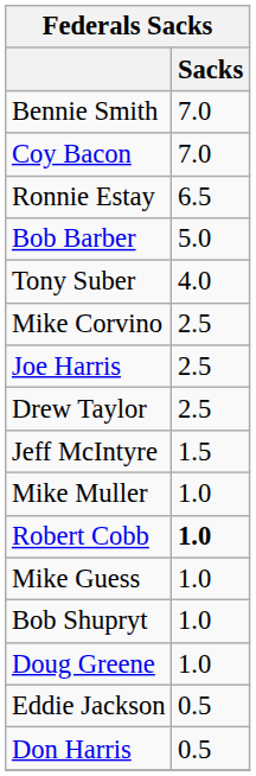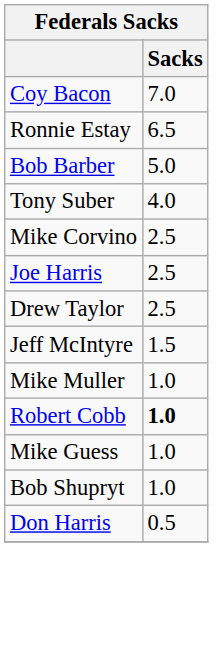 <table class="wikitable">
 <tr>
 <th colspan="2">Federals Sacks</th>
 </tr>
 <tr>
 <th></th>
 <th>Sacks</th>
-</tr>
-<tr>
-<td>Bennie Smith</td>
-<td>7.0</td>
 </tr>
 <tr>
 <td><a href='#'>Coy Bacon</a></td>
 <td>7.0</td>
 </tr>
 <tr>
 <td>Ronnie Estay</td>
 <td>6.5</td>
 </tr>
 <tr>
 <td><a href='#'>Bob Barber</a></td>
 <td>5.0</td>
 </tr>
 <tr>
 <td>Tony Suber</td>
 <td>4.0</td>
 </tr>
 <tr>
 <td>Mike Corvino</td>
 <td>2.5</td>
 </tr>
 <tr>
 <td><a href='#'>Joe Harris</a></td>
 <td>2.5</td>
 </tr>
 <tr>
 <td>Drew Taylor</td>
 <td>2.5</td>
 </tr>
 <tr>
 <td>Jeff McIntyre</td>
 <td>1.5</td>
 </tr>
 <tr>
 <td>Mike Muller</td>
 <td>1.0</td>
 </tr>
 <tr>
 <td><a href='#'>Robert Cobb</a></td>
 <td><strong>1.0</strong></td>
 </tr>
 <tr>
 <td>Mike Guess</td>
 <td>1.0</td>
 </tr>
 <tr>
 <td>Bob Shupryt</td>
 <td>1.0</td>
 </tr>
 <tr>
-<td><a href='#'>Doug Greene</a></td>
-<td>1.0</td>
-</tr>
-<tr>
-<td>Eddie Jackson</td>
-<td>0.5</td>
-</tr>
-<tr>
 <td><a href='#'>Don Harris</a></td>
 <td>0.5</td>
 </tr>
 <tr>
 </tr>
 </table>
